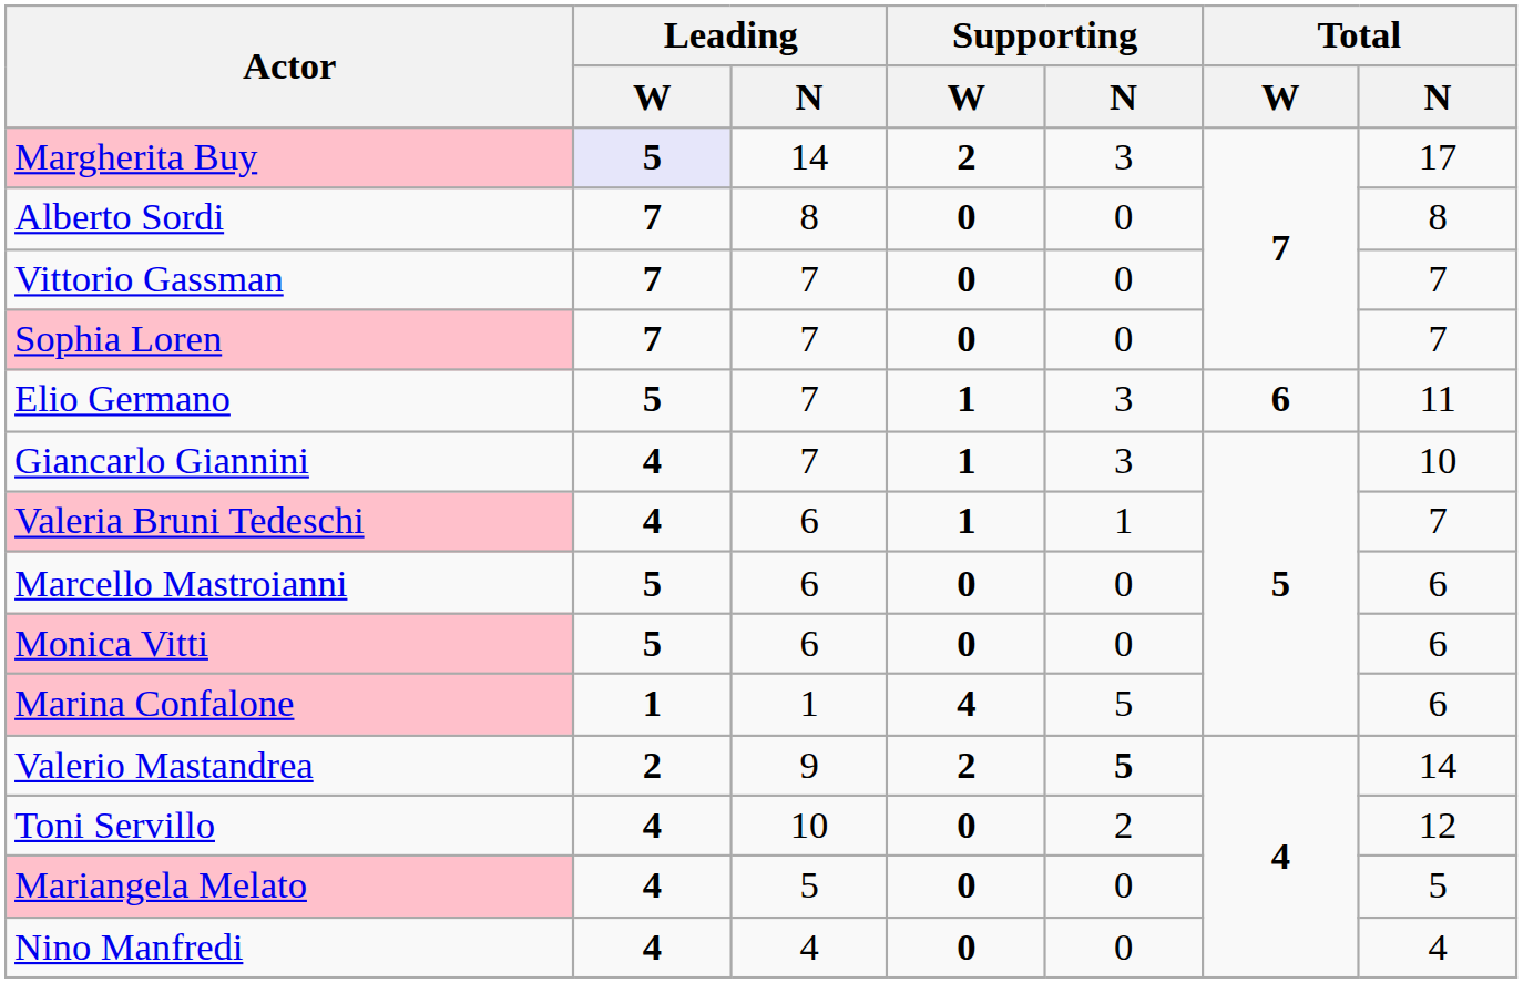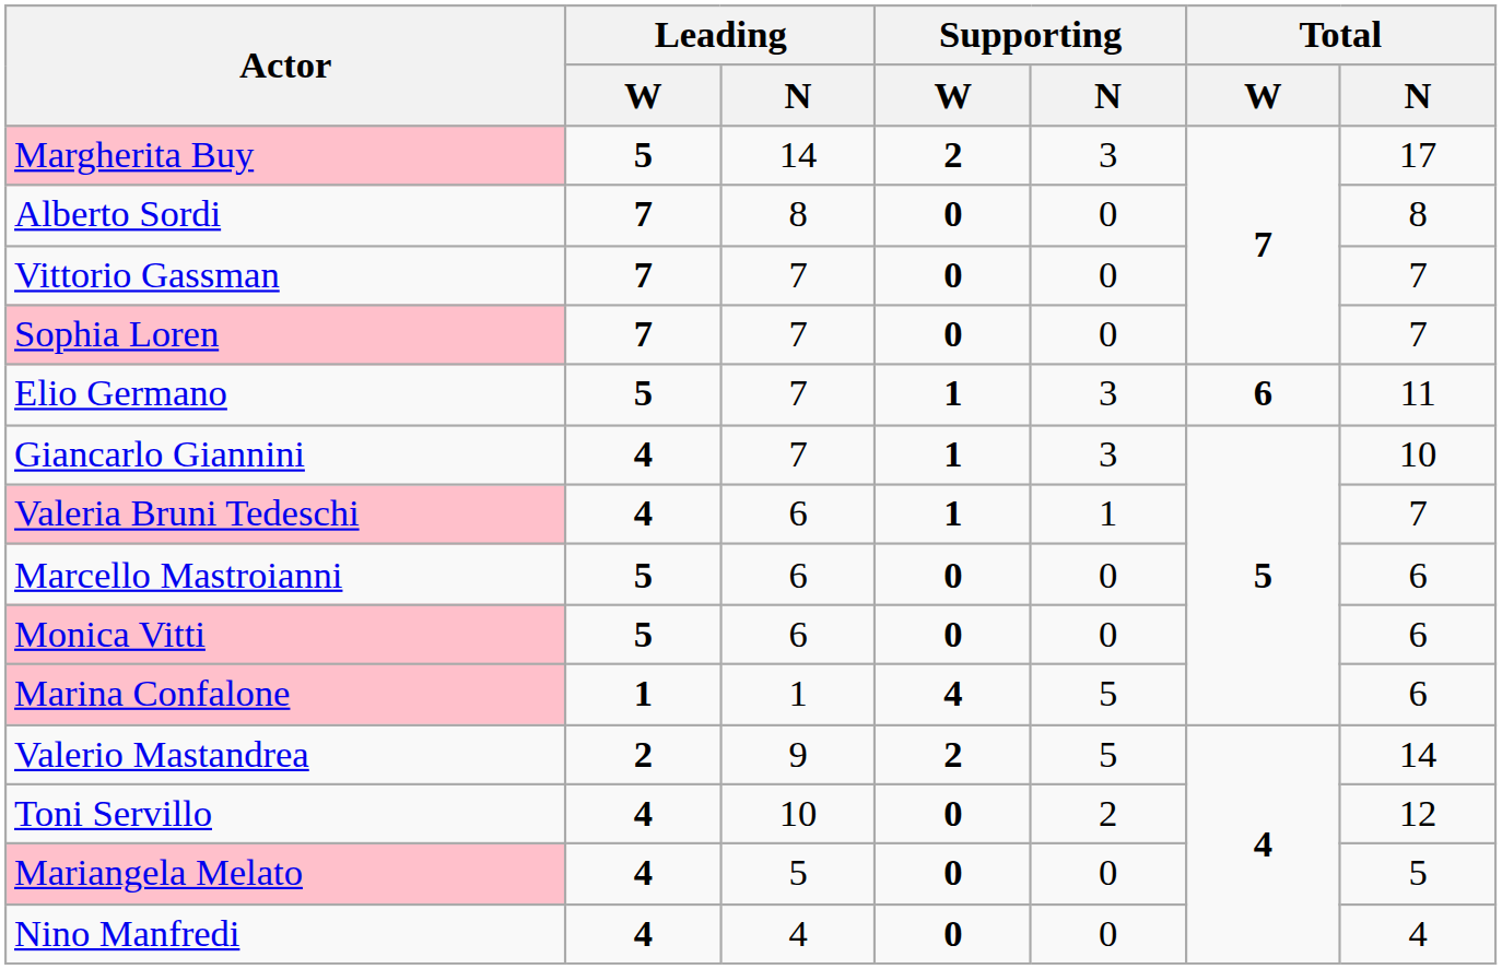 <table class="wikitable" width=50% style="font-size:100%; text-align:center;">
 <tr>
 <th rowspan=2 width=200px>Actor</th>
 <th colspan=2 width=100px>Leading</th>
 <th colspan=2 width=100px>Supporting</th>
 <th colspan=2 width=100px>Total</th>
 </tr>
 <tr>
 <th width=50px>W</th>
 <th width=50px>N</th>
 <th width=50px>W</th>
 <th width=50px>N</th>
 <th width=50px>W</th>
 <th width=50px>N</th>
 </tr>
 <tr>
 <td align=left bgcolor=pink><a href='#'>Margherita Buy</a></td>
-<td style="background: lavender;"><strong>5</strong></td>
+<td><strong>5</strong></td>
 <td>14</td>
 <td><strong>2</strong></td>
 <td>3</td>
 <td rowspan=4><strong>7</strong></td>
 <td>17</td>
 </tr>
 <tr>
 <td align=left><a href='#'>Alberto Sordi</a></td>
 <td><strong>7</strong></td>
 <td>8</td>
 <td><strong>0</strong></td>
 <td>0</td>
 <td>8</td>
 </tr>
 <tr>
 <td align=left><a href='#'>Vittorio Gassman</a></td>
 <td><strong>7</strong></td>
 <td>7</td>
 <td><strong>0</strong></td>
 <td>0</td>
 <td>7</td>
 </tr>
 <tr>
 <td align=left bgcolor=pink><a href='#'>Sophia Loren</a></td>
 <td><strong>7</strong></td>
 <td>7</td>
 <td><strong>0</strong></td>
 <td>0</td>
 <td>7</td>
 </tr>
 <tr>
 <td align="left"><a href='#'>Elio Germano</a></td>
 <td><strong>5</strong></td>
 <td>7</td>
 <td><strong>1</strong></td>
 <td>3</td>
 <td rowspan="1"><strong>6</strong></td>
 <td>11</td>
 </tr>
 <tr>
 <td align=left><a href='#'>Giancarlo Giannini</a></td>
 <td><strong>4</strong></td>
 <td>7</td>
 <td><strong>1</strong></td>
 <td>3</td>
 <td rowspan="5"><strong>5</strong></td>
 <td>10</td>
 </tr>
 <tr>
 <td align=left bgcolor=pink><a href='#'>Valeria Bruni Tedeschi</a></td>
 <td><strong>4</strong></td>
 <td>6</td>
 <td><strong>1</strong></td>
 <td>1</td>
 <td>7</td>
 </tr>
 <tr>
 <td align="left"><a href='#'>Marcello Mastroianni</a></td>
 <td><strong>5</strong></td>
 <td>6</td>
 <td><strong>0</strong></td>
 <td>0</td>
 <td>6</td>
 </tr>
 <tr>
 <td align="left" bgcolor="pink"><a href='#'>Monica Vitti</a></td>
 <td><strong>5</strong></td>
 <td>6</td>
 <td><strong>0</strong></td>
 <td>0</td>
 <td>6</td>
 </tr>
 <tr>
 <td align="left" bgcolor="pink"><a href='#'>Marina Confalone</a></td>
 <td><strong>1</strong></td>
 <td>1</td>
 <td><strong>4</strong></td>
 <td>5</td>
 <td>6</td>
 </tr>
 <tr>
 <td align=left><a href='#'>Valerio Mastandrea</a></td>
 <td><strong>2</strong></td>
 <td>9</td>
 <td><strong>2</strong></td>
-<td><strong>5</strong></td>
+<td>5</td>
 <td rowspan="6"><strong>4</strong></td>
 <td>14</td>
 </tr>
 <tr>
 <td align="left"><a href='#'>Toni Servillo</a></td>
 <td><strong>4</strong></td>
 <td>10</td>
 <td><strong>0</strong></td>
 <td>2</td>
 <td>12</td>
 </tr>
 <tr>
 <td align=left bgcolor=pink><a href='#'>Mariangela Melato</a></td>
 <td><strong>4</strong></td>
 <td>5</td>
 <td><strong>0</strong></td>
 <td>0</td>
 <td>5</td>
 </tr>
 <tr>
 <td align=left><a href='#'>Nino Manfredi</a></td>
 <td><strong>4</strong></td>
 <td>4</td>
 <td><strong>0</strong></td>
 <td>0</td>
 <td>4</td>
 </tr>
 </table>
